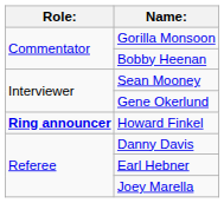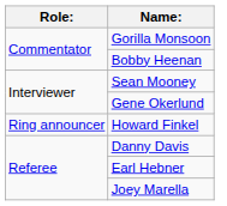 <table class=wikitable style="font-size:90%; margin: 0.5em 1em 0.5em 0; float: left; clear: left;">
 <tr>
 <th>Role:</th>
 <th>Name:</th>
 </tr>
 <tr>
 <td rowspan=2><a href='#'>Commentator</a></td>
 <td><a href='#'>Gorilla Monsoon</a></td>
 </tr>
 <tr>
 <td><a href='#'>Bobby Heenan</a></td>
 </tr>
 <tr>
 <td rowspan=2>Interviewer</td>
 <td><a href='#'>Sean Mooney</a></td>
 </tr>
 <tr>
 <td><a href='#'>Gene Okerlund</a></td>
 </tr>
 <tr>
-<td rowspan=1><strong><a href='#'>Ring announcer</a></strong></td>
+<td rowspan=1><a href='#'>Ring announcer</a></td>
 <td><a href='#'>Howard Finkel</a></td>
 </tr>
 <tr>
 <td rowspan=3><a href='#'>Referee</a></td>
 <td><a href='#'>Danny Davis</a></td>
 </tr>
 <tr>
 <td><a href='#'>Earl Hebner</a></td>
 </tr>
 <tr>
 <td><a href='#'>Joey Marella</a></td>
 </tr>
 </table>
